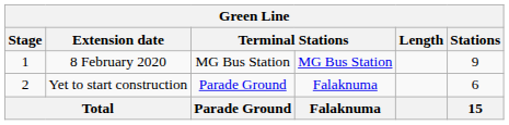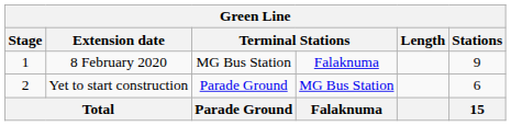 <table class="wikitable" style="text-align: center;">
 <tr>
 <th colspan="6" align="center" style="background:#"><span><strong>Green Line</strong></span></th>
 </tr>
 <tr>
 <th>Stage</th>
 <th>Extension date</th>
 <th colspan="2">Terminal Stations</th>
 <th>Length</th>
 <th>Stations</th>
 </tr>
 <tr>
 <td>1</td>
 <td>8 February 2020</td>
 <td>MG Bus Station</td>
-<td><a href='#'>MG Bus Station</a></td>
+<td><a href='#'>Falaknuma</a></td>
 <td></td>
 <td>9</td>
 </tr>
 <tr>
 <td>2</td>
 <td>Yet to start construction</td>
 <td><a href='#'>Parade Ground</a></td>
-<td><a href='#'>Falaknuma</a></td>
+<td><a href='#'>MG Bus Station</a></td>
 <td></td>
 <td>6</td>
 </tr>
 <tr>
 <th colspan=2>Total</th>
 <th>Parade Ground</th>
 <th>Falaknuma</th>
 <th></th>
 <th>15</th>
 </tr>
 </table>
